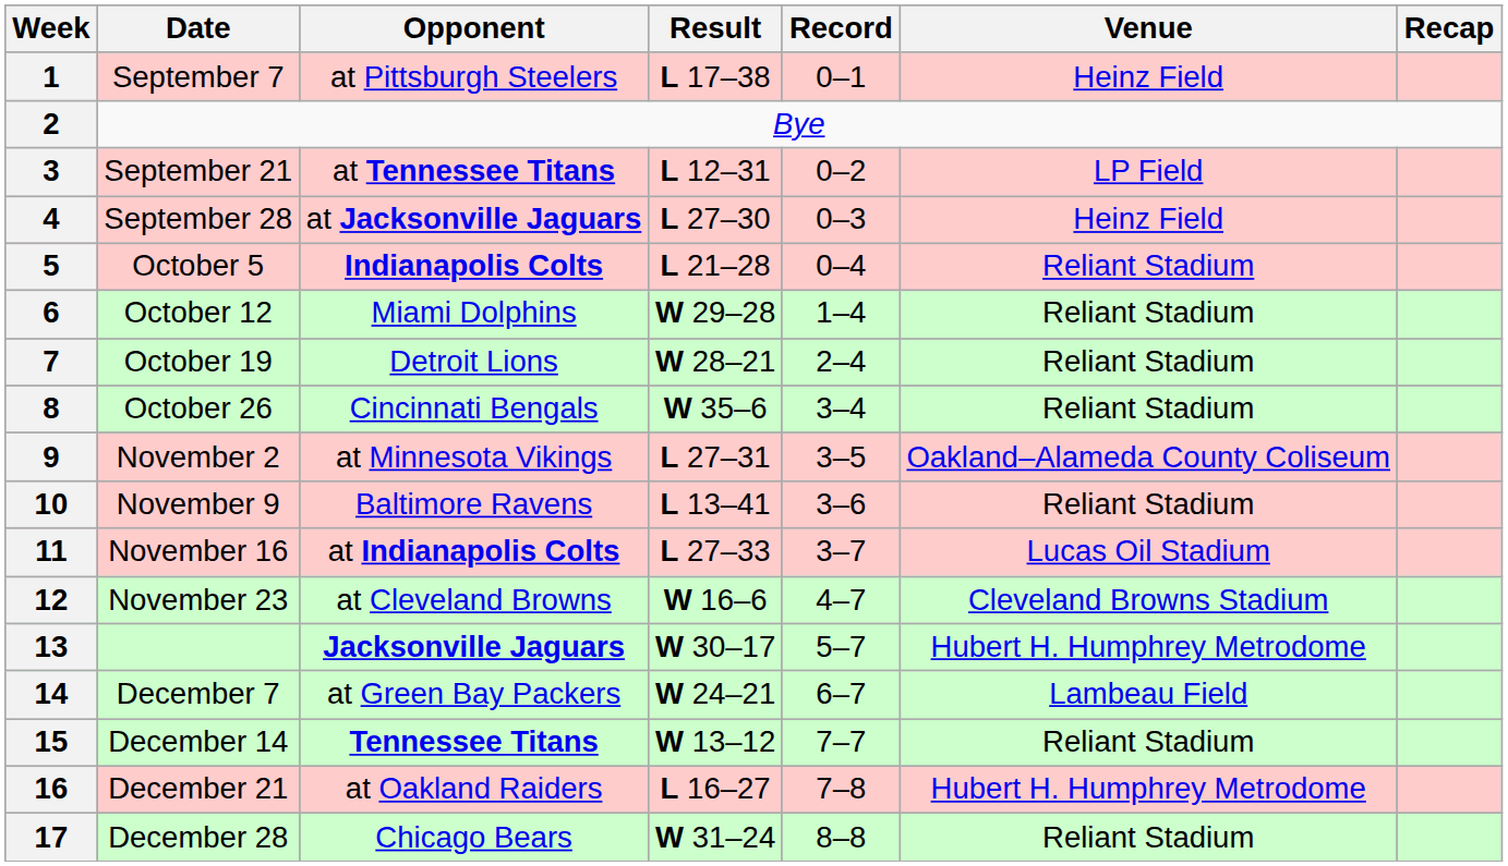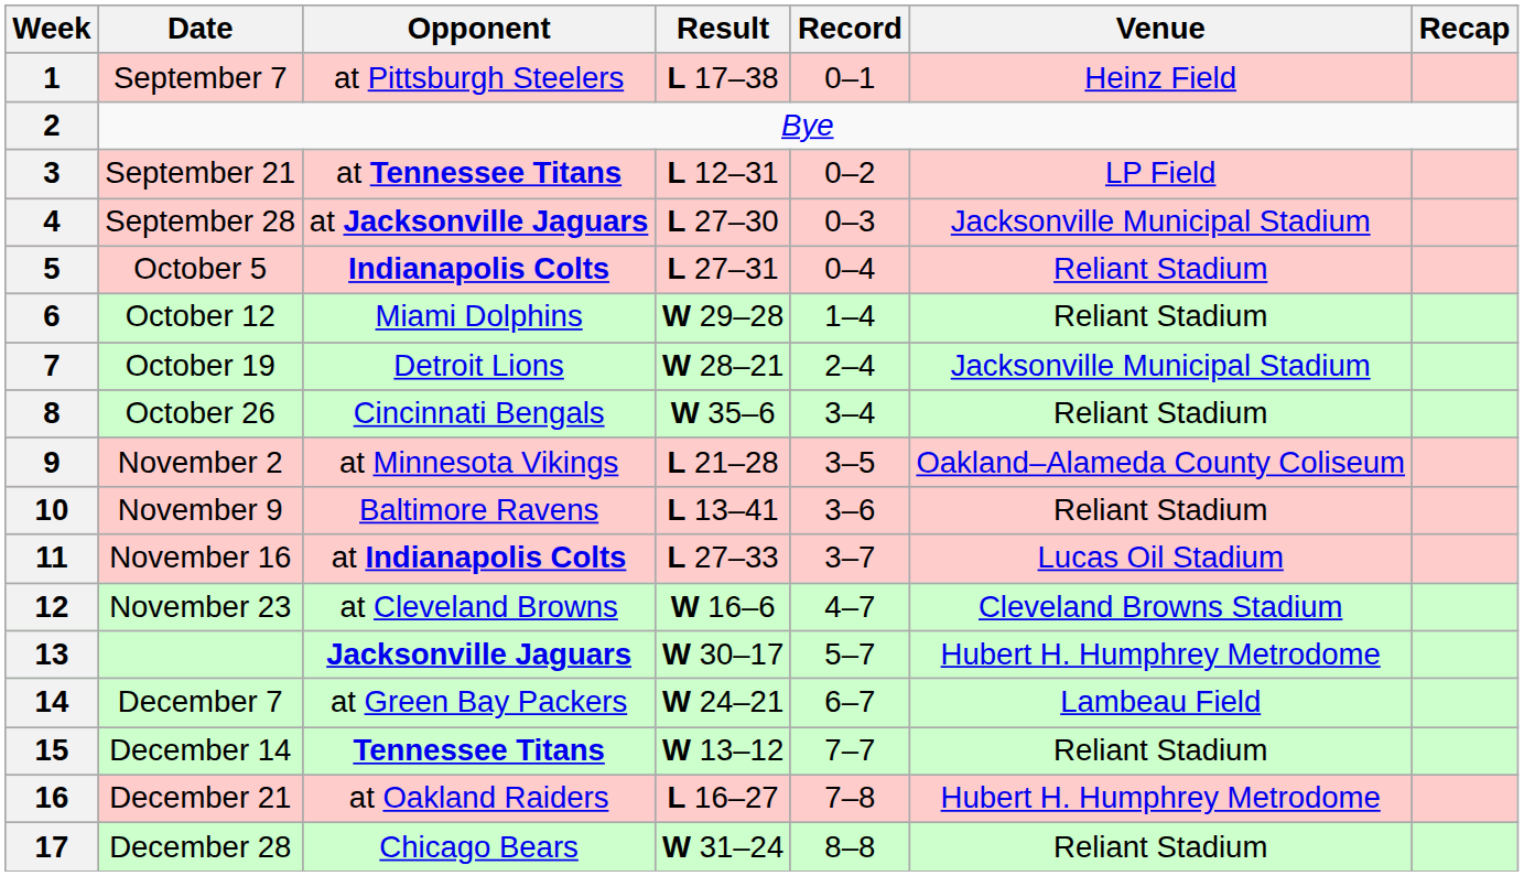 <table class="wikitable" style="text-align:center">
 <tr>
 <th>Week</th>
 <th>Date</th>
 <th>Opponent</th>
 <th>Result</th>
 <th>Record</th>
 <th>Venue</th>
 <th>Recap</th>
 </tr>
 <tr style="background:#fcc">
 <th>1</th>
 <td>September 7</td>
 <td>at <a href='#'>Pittsburgh Steelers</a></td>
 <td><strong>L</strong> 17–38</td>
 <td>0–1</td>
 <td><a href='#'>Heinz Field</a></td>
 <td></td>
 </tr>
 <tr>
 <th>2</th>
 <td colspan="6"><em><a href='#'>Bye</a></em></td>
 </tr>
 <tr style="background:#fcc">
 <th>3</th>
 <td>September 21</td>
 <td>at <strong><a href='#'>Tennessee Titans</a></strong></td>
 <td><strong>L</strong> 12–31</td>
 <td>0–2</td>
 <td><a href='#'>LP Field</a></td>
 <td></td>
 </tr>
 <tr style="background:#fcc">
 <th>4</th>
 <td>September 28</td>
 <td>at <strong><a href='#'>Jacksonville Jaguars</a></strong></td>
 <td><strong>L</strong> 27–30 </td>
 <td>0–3</td>
-<td><a href='#'>Heinz Field</a></td>
+<td><a href='#'>Jacksonville Municipal Stadium</a></td>
 <td></td>
 </tr>
 <tr style="background:#fcc">
 <th>5</th>
 <td>October 5</td>
 <td><strong><a href='#'>Indianapolis Colts</a></strong></td>
-<td><strong>L</strong> 21–28</td>
+<td><strong>L</strong> 27–31</td>
 <td>0–4</td>
 <td><a href='#'>Reliant Stadium</a></td>
 <td></td>
 </tr>
 <tr style="background:#cfc">
 <th>6</th>
 <td>October 12</td>
 <td><a href='#'>Miami Dolphins</a></td>
 <td><strong>W</strong> 29–28</td>
 <td>1–4</td>
 <td>Reliant Stadium</td>
 <td></td>
 </tr>
 <tr style="background:#cfc">
 <th>7</th>
 <td>October 19</td>
 <td><a href='#'>Detroit Lions</a></td>
 <td><strong>W</strong> 28–21</td>
 <td>2–4</td>
-<td>Reliant Stadium</td>
+<td><a href='#'>Jacksonville Municipal Stadium</a></td>
 <td></td>
 </tr>
 <tr style="background:#cfc">
 <th>8</th>
 <td>October 26</td>
 <td><a href='#'>Cincinnati Bengals</a></td>
 <td><strong>W</strong> 35–6</td>
 <td>3–4</td>
 <td>Reliant Stadium</td>
 <td></td>
 </tr>
 <tr style="background:#fcc">
 <th>9</th>
 <td>November 2</td>
 <td>at <a href='#'>Minnesota Vikings</a></td>
-<td><strong>L</strong> 27–31</td>
+<td><strong>L</strong> 21–28</td>
 <td>3–5</td>
 <td><a href='#'>Oakland–Alameda County Coliseum</a></td>
 <td></td>
 </tr>
 <tr style="background:#fcc">
 <th>10</th>
 <td>November 9</td>
 <td><a href='#'>Baltimore Ravens</a></td>
 <td><strong>L</strong> 13–41</td>
 <td>3–6</td>
 <td>Reliant Stadium</td>
 <td></td>
 </tr>
 <tr style="background:#fcc">
 <th>11</th>
 <td>November 16</td>
 <td>at <strong><a href='#'>Indianapolis Colts</a></strong></td>
 <td><strong>L</strong>  27–33</td>
 <td>3–7</td>
 <td><a href='#'>Lucas Oil Stadium</a></td>
 <td></td>
 </tr>
 <tr style="background:#cfc">
 <th>12</th>
 <td>November 23</td>
 <td>at <a href='#'>Cleveland Browns</a></td>
 <td><strong>W</strong> 16–6</td>
 <td>4–7</td>
 <td><a href='#'>Cleveland Browns Stadium</a></td>
 <td></td>
 </tr>
 <tr style="background:#cfc">
 <th>13</th>
 <td></td>
 <td><strong><a href='#'>Jacksonville Jaguars</a></strong></td>
 <td><strong>W</strong> 30–17</td>
 <td>5–7</td>
 <td><a href='#'>Hubert H. Humphrey Metrodome</a></td>
 <td></td>
 </tr>
 <tr style="background:#cfc">
 <th>14</th>
 <td>December 7</td>
 <td>at <a href='#'>Green Bay Packers</a></td>
 <td><strong>W</strong> 24–21</td>
 <td>6–7</td>
 <td><a href='#'>Lambeau Field</a></td>
 <td></td>
 </tr>
 <tr style="background:#cfc">
 <th>15</th>
 <td>December 14</td>
 <td><strong><a href='#'>Tennessee Titans</a></strong></td>
 <td><strong>W</strong> 13–12</td>
 <td>7–7</td>
 <td>Reliant Stadium</td>
 <td></td>
 </tr>
 <tr style="background:#fcc">
 <th>16</th>
 <td>December 21</td>
 <td>at <a href='#'>Oakland Raiders</a></td>
 <td><strong>L</strong> 16–27</td>
 <td>7–8</td>
 <td><a href='#'>Hubert H. Humphrey Metrodome</a></td>
 <td></td>
 </tr>
 <tr style="background:#cfc">
 <th>17</th>
 <td>December 28</td>
 <td><a href='#'>Chicago Bears</a></td>
 <td><strong>W</strong> 31–24</td>
 <td>8–8</td>
 <td>Reliant Stadium</td>
 <td></td>
 </tr>
 </table>
